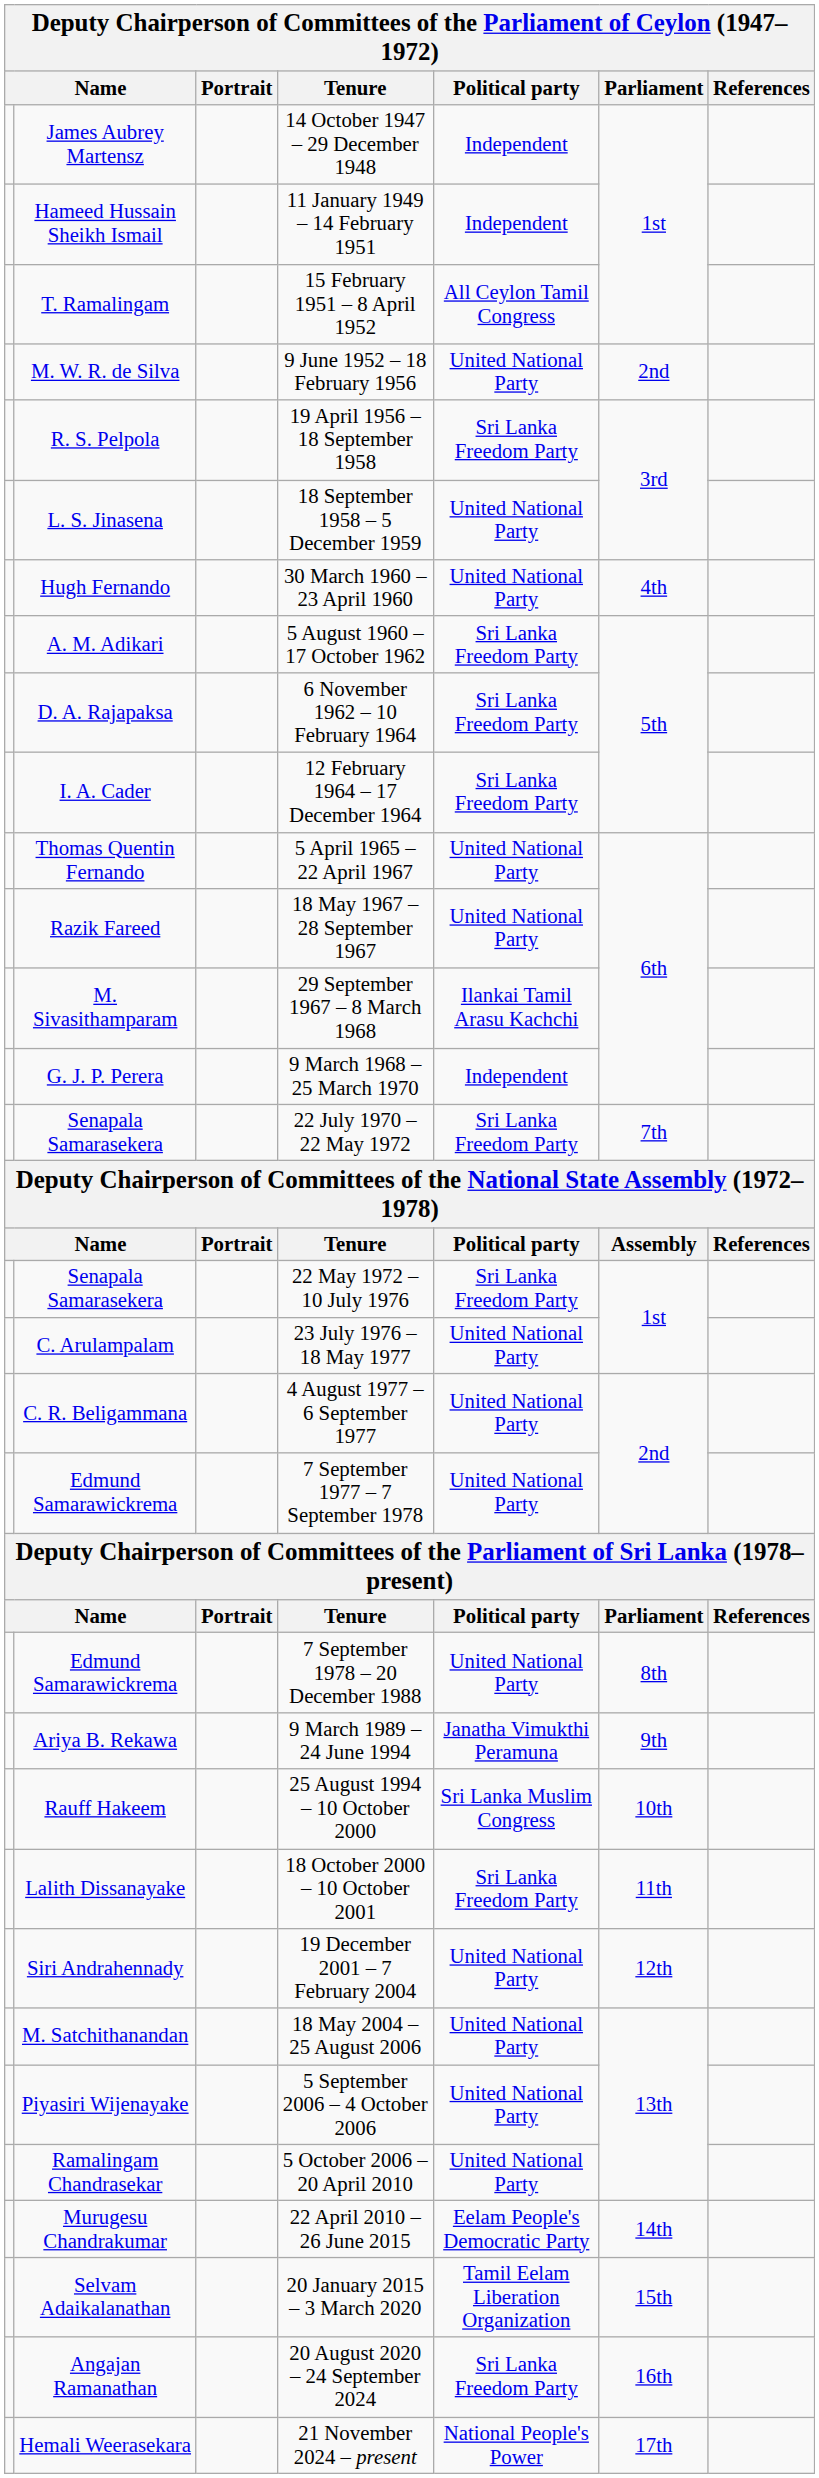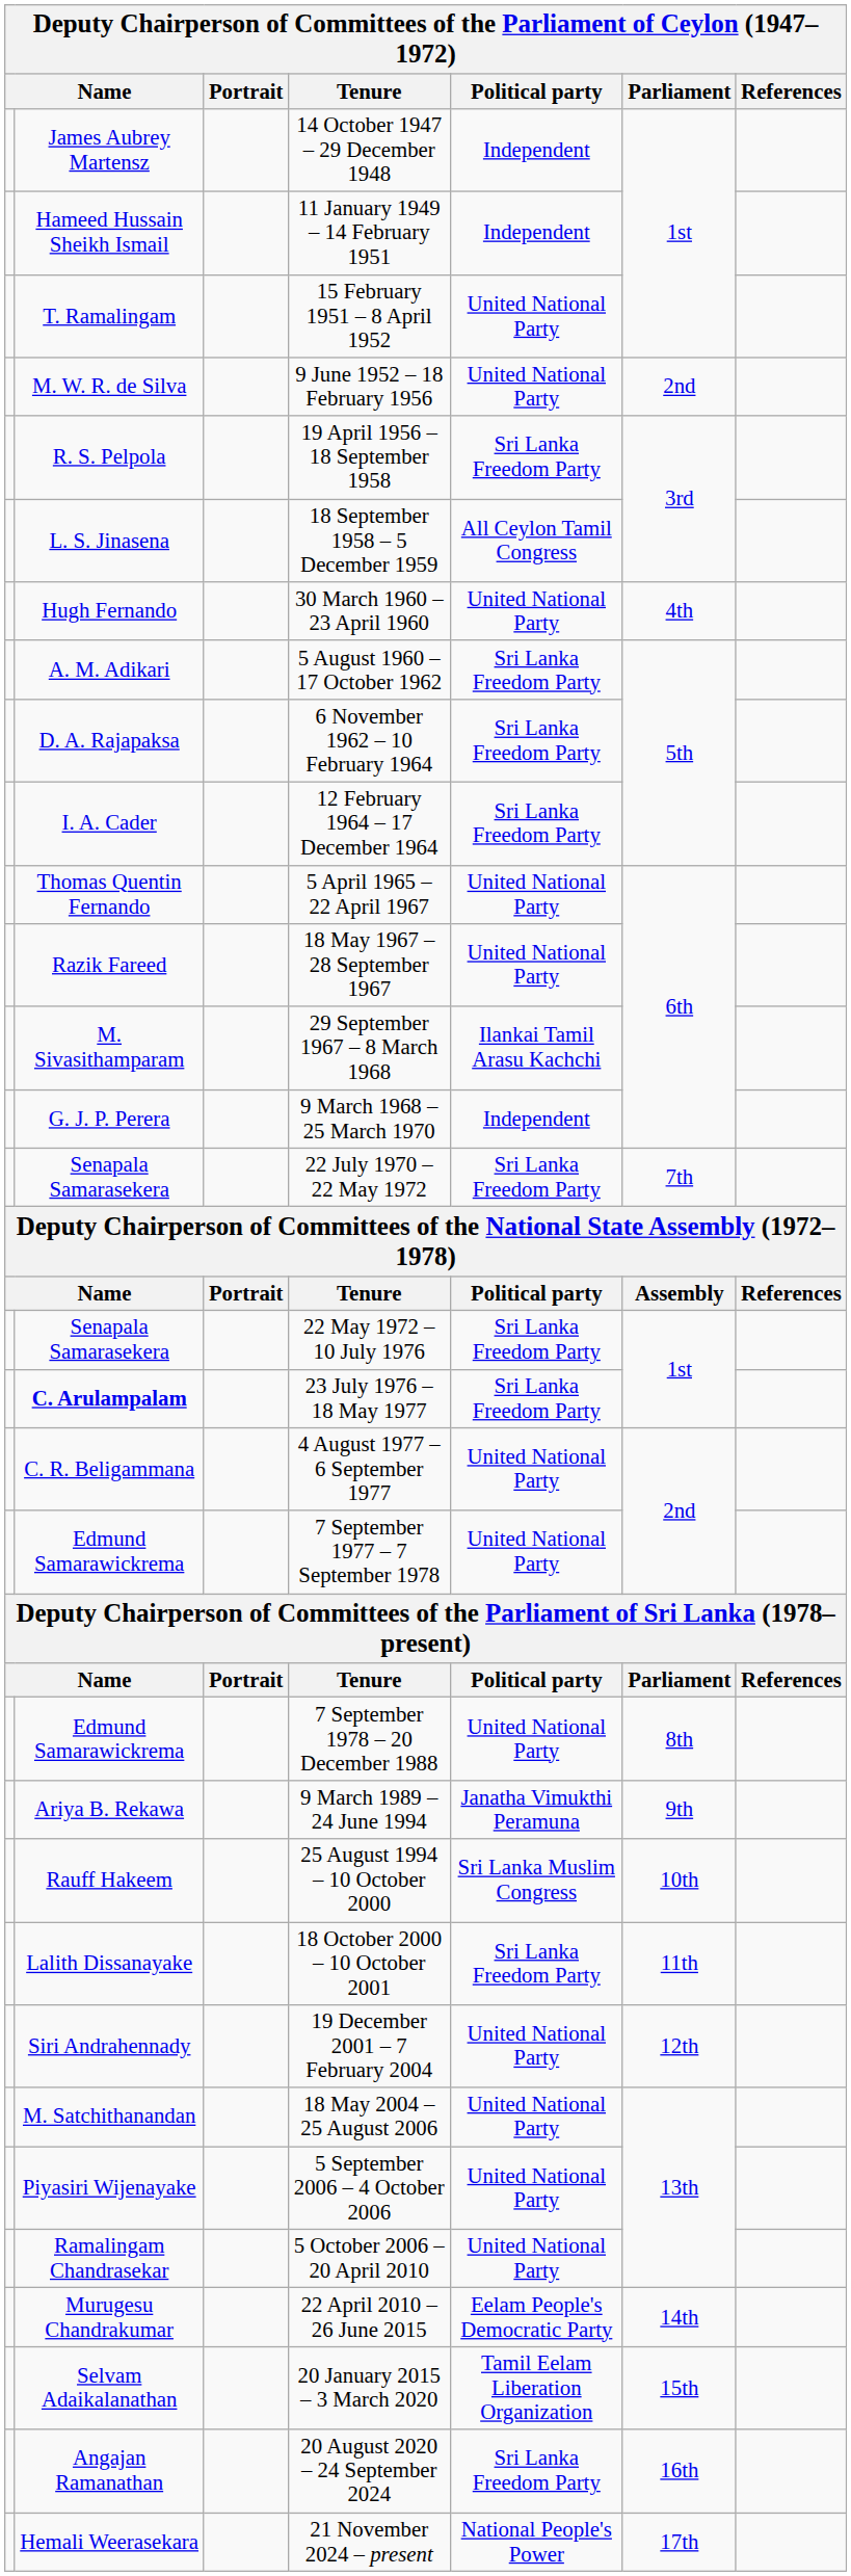 <table class="wikitable" style="margin:1em auto; font-size:100%; text-align:center;">
 <tr>
 <th colspan=8><big>Deputy Chairperson of Committees of the <a href='#'>Parliament of Ceylon</a> (1947–1972)</big></th>
 </tr>
 <tr>
 <th colspan=2>Name</th>
 <th>Portrait</th>
 <th>Tenure</th>
 <th>Political party</th>
 <th>Parliament</th>
 <th>References</th>
 </tr>
 <tr>
 <td !align="center" style="background:"></td>
 <td><a href='#'>James Aubrey Martensz</a></td>
 <td></td>
 <td>14 October 1947 – 29 December 1948</td>
 <td><a href='#'>Independent</a></td>
 <td rowspan="3"><a href='#'>1st</a></td>
 <td></td>
 </tr>
 <tr>
 <td !align="center" style="background:"></td>
 <td><a href='#'>Hameed Hussain Sheikh Ismail</a></td>
 <td></td>
 <td>11 January 1949 – 14 February 1951</td>
 <td><a href='#'>Independent</a></td>
 <td></td>
 </tr>
 <tr>
 <td !align="center" style="background:"></td>
 <td><a href='#'>T. Ramalingam</a></td>
 <td></td>
 <td>15 February 1951 – 8 April 1952</td>
-<td><a href='#'>All Ceylon Tamil Congress</a></td>
+<td><a href='#'>United National Party</a></td>
 <td></td>
 </tr>
 <tr>
 <td !align="center" style="background:"></td>
 <td><a href='#'>M. W. R. de Silva</a></td>
 <td></td>
 <td>9 June 1952 – 18 February 1956</td>
 <td><a href='#'>United National Party</a></td>
 <td><a href='#'>2nd</a></td>
 <td></td>
 </tr>
 <tr>
 <td !align="center" style="background:"></td>
 <td><a href='#'>R. S. Pelpola</a></td>
 <td></td>
 <td>19 April 1956 – 18 September 1958</td>
 <td><a href='#'>Sri Lanka Freedom Party</a></td>
 <td rowspan="2"><a href='#'>3rd</a></td>
 <td></td>
 </tr>
 <tr>
 <td !align="center" style="background:"></td>
 <td><a href='#'>L. S. Jinasena</a></td>
 <td></td>
 <td>18 September 1958 – 5 December 1959</td>
-<td><a href='#'>United National Party</a></td>
+<td><a href='#'>All Ceylon Tamil Congress</a></td>
 <td></td>
 </tr>
 <tr>
 <td !align="center" style="background:"></td>
 <td><a href='#'>Hugh Fernando</a></td>
 <td></td>
 <td>30 March 1960 – 23 April 1960</td>
 <td><a href='#'>United National Party</a></td>
 <td><a href='#'>4th</a></td>
 <td></td>
 </tr>
 <tr>
 <td !align="center" style="background:"></td>
 <td><a href='#'>A. M. Adikari</a></td>
 <td></td>
 <td>5 August 1960 – 17 October 1962</td>
 <td><a href='#'>Sri Lanka Freedom Party</a></td>
 <td rowspan="3"><a href='#'>5th</a></td>
 <td></td>
 </tr>
 <tr>
 <td !align="center" style="background:"></td>
 <td><a href='#'>D. A. Rajapaksa</a></td>
 <td></td>
 <td>6 November 1962 – 10 February 1964</td>
 <td><a href='#'>Sri Lanka Freedom Party</a></td>
 <td></td>
 </tr>
 <tr>
 <td !align="center" style="background:"></td>
 <td><a href='#'>I. A. Cader</a></td>
 <td></td>
 <td>12 February 1964 – 17 December 1964</td>
 <td><a href='#'>Sri Lanka Freedom Party</a></td>
 <td></td>
 </tr>
 <tr>
 <td !align="center" style="background:"></td>
 <td><a href='#'>Thomas Quentin Fernando</a></td>
 <td></td>
 <td>5 April 1965 – 22 April 1967</td>
 <td><a href='#'>United National Party</a></td>
 <td rowspan="4"><a href='#'>6th</a></td>
 <td></td>
 </tr>
 <tr>
 <td !align="center" style="background:"></td>
 <td><a href='#'>Razik Fareed</a></td>
 <td></td>
 <td>18 May 1967 – 28 September 1967</td>
 <td><a href='#'>United National Party</a></td>
 <td></td>
 </tr>
 <tr>
 <td !align="center" style="background:"></td>
 <td><a href='#'>M. Sivasithamparam</a></td>
 <td></td>
 <td>29 September 1967 – 8 March 1968</td>
 <td><a href='#'>Ilankai Tamil Arasu Kachchi</a></td>
 <td></td>
 </tr>
 <tr>
 <td !align="center" style="background:"></td>
 <td><a href='#'>G. J. P. Perera</a></td>
 <td></td>
 <td>9 March 1968 – 25 March 1970</td>
 <td><a href='#'>Independent</a></td>
 <td></td>
 </tr>
 <tr>
 <td !align="center" style="background:"></td>
 <td><a href='#'>Senapala Samarasekera</a></td>
 <td></td>
 <td>22 July 1970 – 22 May 1972</td>
 <td><a href='#'>Sri Lanka Freedom Party</a></td>
 <td><a href='#'>7th</a></td>
 <td></td>
 </tr>
 <tr>
 <th colspan=7><big>Deputy Chairperson of Committees of the <a href='#'>National State Assembly</a> (1972–1978)</big></th>
 </tr>
 <tr>
 <th colspan=2>Name</th>
 <th>Portrait</th>
 <th>Tenure</th>
 <th>Political party</th>
 <th>Assembly</th>
 <th>References</th>
 </tr>
 <tr>
 <td !align="center" style="background:"></td>
 <td><a href='#'>Senapala Samarasekera</a></td>
 <td></td>
 <td>22 May 1972 – 10 July 1976</td>
 <td><a href='#'>Sri Lanka Freedom Party</a></td>
 <td rowspan="2"><a href='#'>1st</a></td>
 <td></td>
 </tr>
 <tr>
 <td !align="center" style="background:"></td>
-<td><a href='#'>C. Arulampalam</a></td>
+<td><strong><a href='#'>C. Arulampalam</a></strong></td>
 <td></td>
 <td>23 July 1976 – 18 May 1977</td>
-<td><a href='#'>United National Party</a></td>
+<td><a href='#'>Sri Lanka Freedom Party</a></td>
 <td></td>
 </tr>
 <tr>
 <td !align="center" style="background:"></td>
 <td><a href='#'>C. R. Beligammana</a></td>
 <td></td>
 <td>4 August 1977 – 6 September 1977</td>
 <td><a href='#'>United National Party</a></td>
 <td rowspan="2"><a href='#'>2nd</a></td>
 <td></td>
 </tr>
 <tr>
 <td !align="center" style="background:"></td>
 <td><a href='#'>Edmund Samarawickrema</a></td>
 <td></td>
 <td>7 September 1977 – 7 September 1978</td>
 <td><a href='#'>United National Party</a></td>
 <td></td>
 </tr>
 <tr>
 <th colspan=7><big>Deputy Chairperson of Committees of the <a href='#'>Parliament of Sri Lanka</a> (1978–present)</big></th>
 </tr>
 <tr>
 <th colspan=2>Name</th>
 <th>Portrait</th>
 <th>Tenure</th>
 <th>Political party</th>
 <th>Parliament</th>
 <th>References</th>
 </tr>
 <tr>
 <td !align="center" style="background:"></td>
 <td><a href='#'>Edmund Samarawickrema</a></td>
 <td></td>
 <td>7 September 1978 – 20 December 1988</td>
 <td><a href='#'>United National Party</a></td>
 <td><a href='#'>8th</a></td>
 <td></td>
 </tr>
 <tr>
 <td !align="center" style="background:"></td>
 <td><a href='#'>Ariya B. Rekawa</a></td>
 <td></td>
 <td>9 March 1989 – 24 June 1994</td>
 <td><a href='#'>Janatha Vimukthi Peramuna</a></td>
 <td><a href='#'>9th</a></td>
 <td></td>
 </tr>
 <tr>
 <td !align="center" style="background:"></td>
 <td><a href='#'>Rauff Hakeem</a></td>
 <td></td>
 <td>25 August 1994 – 10 October 2000</td>
 <td><a href='#'>Sri Lanka Muslim Congress</a></td>
 <td><a href='#'>10th</a></td>
 <td></td>
 </tr>
 <tr>
 <td !aqlign="center" style="background:"></td>
 <td><a href='#'>Lalith Dissanayake</a></td>
 <td></td>
 <td>18 October 2000 – 10 October 2001</td>
 <td><a href='#'>Sri Lanka Freedom Party</a></td>
 <td><a href='#'>11th</a></td>
 <td></td>
 </tr>
 <tr>
 <td !align="center" style="background:"></td>
 <td><a href='#'>Siri Andrahennady</a></td>
 <td></td>
 <td>19 December 2001 – 7 February 2004</td>
 <td><a href='#'>United National Party</a></td>
 <td><a href='#'>12th</a></td>
 <td></td>
 </tr>
 <tr>
 <td !align="center" style="background:"></td>
 <td><a href='#'>M. Satchithanandan</a></td>
 <td></td>
 <td>18 May 2004 – 25 August 2006</td>
 <td><a href='#'>United National Party</a></td>
 <td rowspan="3"><a href='#'>13th</a></td>
 <td></td>
 </tr>
 <tr>
 <td !align="center" style="background:"></td>
 <td><a href='#'>Piyasiri Wijenayake</a></td>
 <td></td>
 <td>5 September 2006 – 4 October 2006</td>
 <td><a href='#'>United National Party</a></td>
 <td></td>
 </tr>
 <tr>
 <td !align="center" style="background:"></td>
 <td><a href='#'>Ramalingam Chandrasekar</a></td>
 <td></td>
 <td>5 October 2006 – 20 April 2010</td>
 <td><a href='#'>United National Party</a></td>
 <td></td>
 </tr>
 <tr>
 <td !align="center" style="background:"></td>
 <td><a href='#'>Murugesu Chandrakumar</a></td>
 <td></td>
 <td>22 April 2010 – 26 June 2015</td>
 <td><a href='#'>Eelam People's Democratic Party</a></td>
 <td><a href='#'>14th</a></td>
 <td></td>
 </tr>
 <tr>
 <td !align="center" style="background:"></td>
 <td><a href='#'>Selvam Adaikalanathan</a></td>
 <td></td>
 <td>20 January 2015 – 3 March 2020</td>
 <td><a href='#'>Tamil Eelam Liberation Organization</a></td>
 <td><a href='#'>15th</a></td>
 <td></td>
 </tr>
 <tr>
 <td !align="center" style="background:"></td>
 <td><a href='#'>Angajan Ramanathan</a></td>
 <td></td>
 <td>20 August 2020 – 24 September 2024</td>
 <td><a href='#'>Sri Lanka Freedom Party</a></td>
 <td><a href='#'>16th</a></td>
 <td></td>
 </tr>
 <tr>
 <td !align="center" style="background:"></td>
 <td><a href='#'>Hemali Weerasekara</a></td>
 <td></td>
 <td>21 November 2024 – <em>present</em></td>
 <td><a href='#'>National People's Power</a></td>
 <td><a href='#'>17th</a></td>
 <td></td>
 </tr>
 </table>
